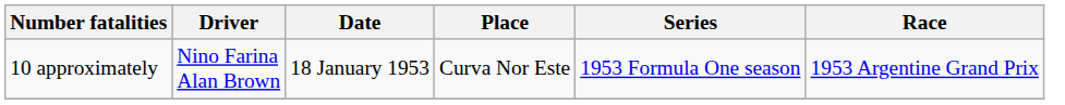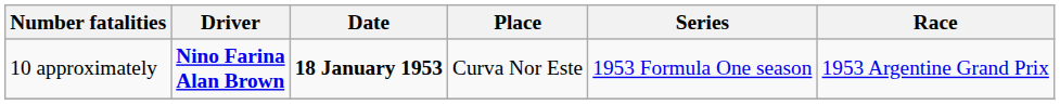 <table class="wikitable" border="1" style="font-size: 85%;">
 <tr>
 <th>Number fatalities</th>
 <th>Driver</th>
 <th>Date</th>
 <th>Place</th>
 <th>Series</th>
 <th>Race</th>
 </tr>
 <tr>
 <td>10 approximately</td>
-<td> <a href='#'>Nino Farina</a><br> <a href='#'>Alan Brown</a></td>
-<td>18 January 1953</td>
+<td><strong> <a href='#'>Nino Farina</a><br> <a href='#'>Alan Brown</a></strong></td>
+<td><strong>18 January 1953</strong></td>
 <td>Curva Nor Este</td>
 <td><a href='#'>1953 Formula One season</a></td>
 <td><a href='#'>1953 Argentine Grand Prix</a></td>
 </tr>
 <tr>
 </tr>
 </table>
